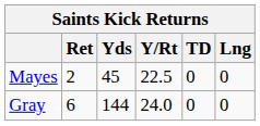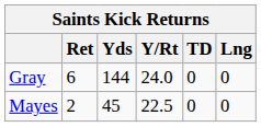 <table class="wikitable">
 <tr>
 <th colspan="6">Saints Kick Returns</th>
 </tr>
 <tr>
 <th></th>
 <th>Ret</th>
 <th>Yds</th>
 <th>Y/Rt</th>
 <th>TD</th>
 <th>Lng</th>
 </tr>
 <tr>
+<td><a href='#'>Gray</a></td>
+<td>6</td>
+<td>144</td>
+<td>24.0</td>
+<td>0</td>
+<td>0</td>
+</tr>
+<tr>
 <td><a href='#'>Mayes</a></td>
 <td>2</td>
 <td>45</td>
 <td>22.5</td>
 <td>0</td>
 <td>0</td>
 </tr>
-<tr>
-<td><a href='#'>Gray</a></td>
-<td>6</td>
-<td>144</td>
-<td>24.0</td>
-<td>0</td>
-<td>0</td>
-</tr>
 </table>
